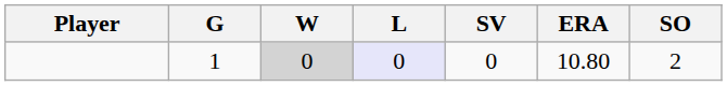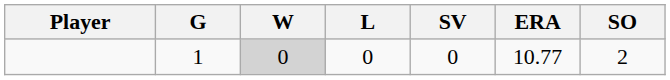 <table class="wikitable sortable">
 <tr>
 <th bgcolor="#DDDDFF" width="16%">Player</th>
 <th bgcolor="#DDDDFF" width="9%">G</th>
 <th bgcolor="#DDDDFF" width="9%">W</th>
 <th bgcolor="#DDDDFF" width="9%">L</th>
 <th bgcolor="#DDDDFF" width="9%">SV</th>
 <th bgcolor="#DDDDFF" width="9%">ERA</th>
 <th bgcolor="#DDDDFF" width="9%">SO</th>
 </tr>
 <tr align="center">
 <td></td>
 <td>1</td>
 <td style="background: lightgrey;">0</td>
-<td style="background: lavender;">0</td>
 <td>0</td>
-<td>10.80</td>
+<td>0</td>
+<td>10.77</td>
 <td>2</td>
 </tr>
 </table>
